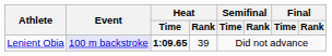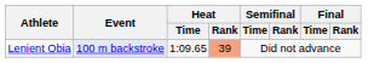 <table class=wikitable style="font-size:90%">
 <tr>
 <th rowspan="2">Athlete</th>
 <th rowspan="2">Event</th>
 <th colspan="2">Heat</th>
 <th colspan="2">Semifinal</th>
 <th colspan="2">Final</th>
 </tr>
 <tr style="font-size:95%">
 <th>Time</th>
 <th>Rank</th>
 <th>Time</th>
 <th>Rank</th>
 <th>Time</th>
 <th>Rank</th>
 </tr>
 <tr align=center>
 <td align=left><a href='#'>Lenient Obia</a></td>
 <td align=left style="background: lavender;"><a href='#'>100 m backstroke</a></td>
-<td><strong>1:09.65</strong></td>
-<td>39</td>
+<td>1:09.65</td>
+<td style="background: lightsalmon;">39</td>
 <td colspan=4>Did not advance</td>
 </tr>
 </table>
